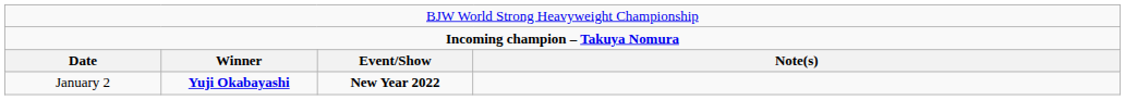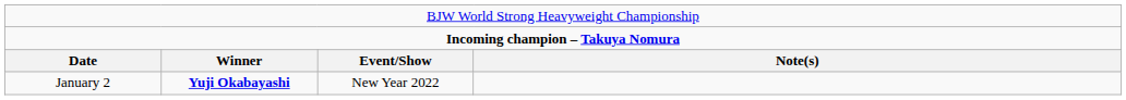 <table class="wikitable" style="text-align:center; width:100%;">
 <tr>
 <td colspan="4" style="text-align: center;"><a href='#'>BJW World Strong Heavyweight Championship</a></td>
 </tr>
 <tr>
 <td colspan="4" style="text-align: center;"><strong>Incoming champion – <a href='#'>Takuya Nomura</a></strong></td>
 </tr>
 <tr>
 <th width=14%>Date</th>
 <th width=14%>Winner</th>
 <th width=14%>Event/Show</th>
 <th width=58%>Note(s)</th>
 </tr>
 <tr>
 <td>January 2</td>
 <td><strong><a href='#'>Yuji Okabayashi</a></strong></td>
-<td><strong>New Year 2022</strong></td>
+<td>New Year 2022</td>
 <td></td>
 </tr>
 </table>
